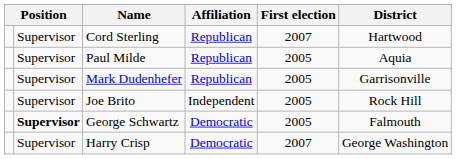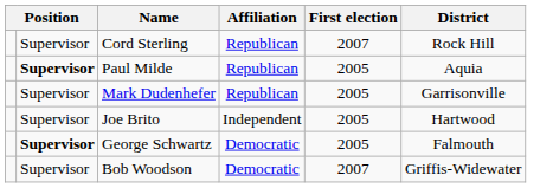 <table class=wikitable>
 <tr>
 <th colspan=2 align=center valign=bottom>Position</th>
 <th style="text-align:center;">Name</th>
 <th valign=bottom>Affiliation</th>
 <th valign=bottom align=center>First election</th>
 <th valign=bottom align=center>District</th>
 </tr>
 <tr>
 <td style="background-color:"> </td>
 <td>Supervisor</td>
 <td>Cord Sterling</td>
 <td style="text-align:center;"><a href='#'>Republican</a></td>
 <td style="text-align:center;">2007</td>
-<td style="text-align:center;">Hartwood</td>
+<td style="text-align:center;">Rock Hill</td>
 </tr>
 <tr>
 <td style="background-color:"> </td>
-<td>Supervisor</td>
+<td><strong>Supervisor</strong></td>
 <td>Paul Milde</td>
 <td style="text-align:center;"><a href='#'>Republican</a></td>
 <td style="text-align:center;">2005</td>
 <td style="text-align:center;">Aquia</td>
 </tr>
 <tr>
 <td style="background-color:"> </td>
 <td>Supervisor</td>
 <td><a href='#'>Mark Dudenhefer</a></td>
 <td style="text-align:center;"><a href='#'>Republican</a></td>
 <td style="text-align:center;">2005</td>
 <td style="text-align:center;">Garrisonville</td>
 </tr>
 <tr>
 <td style="background-color:"> </td>
 <td>Supervisor</td>
 <td>Joe Brito</td>
 <td style="text-align:center;">Independent</td>
 <td style="text-align:center;">2005</td>
-<td style="text-align:center;">Rock Hill</td>
+<td style="text-align:center;">Hartwood</td>
 </tr>
 <tr>
 <td style="background-color:"> </td>
 <td><strong>Supervisor</strong></td>
 <td>George Schwartz</td>
 <td style="text-align:center;"><a href='#'>Democratic</a></td>
 <td style="text-align:center;">2005</td>
 <td style="text-align:center;">Falmouth</td>
 </tr>
 <tr>
 <td style="background-color:"> </td>
 <td>Supervisor</td>
-<td>Harry Crisp</td>
+<td>Bob Woodson</td>
 <td style="text-align:center;"><a href='#'>Democratic</a></td>
 <td style="text-align:center;">2007</td>
-<td style="text-align:center;">George Washington</td>
+<td style="text-align:center;">Griffis-Widewater</td>
 </tr>
 </table>
